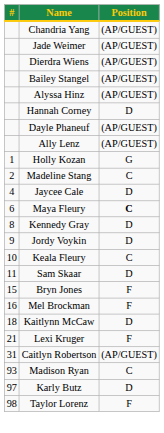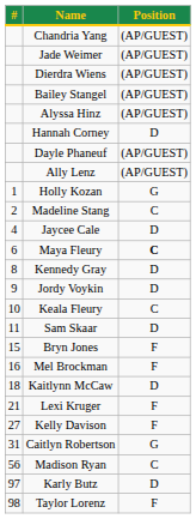 <table class="wikitable">
 <tr style="text-align:center; background:#19874C; border-bottom:#FFCB08 3px solid; color:#FFCB08;">
 <td><strong>#</strong></td>
 <td><strong>Name</strong></td>
 <td><strong>Position</strong></td>
 </tr>
 <tr style="text-align:center">
 <td></td>
 <td>Chandria Yang</td>
 <td>(AP/GUEST)</td>
 </tr>
 <tr style="text-align:center">
 <td></td>
 <td>Jade Weimer</td>
 <td>(AP/GUEST)</td>
 </tr>
 <tr style="text-align:center">
 <td></td>
 <td>Dierdra Wiens</td>
 <td>(AP/GUEST)</td>
 </tr>
 <tr style="text-align:center">
 <td></td>
 <td>Bailey Stangel</td>
 <td>(AP/GUEST)</td>
 </tr>
 <tr style="text-align:center">
 <td></td>
 <td>Alyssa Hinz</td>
 <td>(AP/GUEST)</td>
 </tr>
 <tr style="text-align:center">
 <td></td>
 <td>Hannah Corney</td>
 <td>D</td>
 </tr>
 <tr style="text-align:center">
 <td></td>
 <td>Dayle Phaneuf</td>
 <td>(AP/GUEST)</td>
 </tr>
 <tr style="text-align:center">
 <td></td>
 <td>Ally Lenz</td>
 <td>(AP/GUEST)</td>
 </tr>
 <tr style="text-align:center">
 <td>1</td>
 <td>Holly Kozan</td>
 <td>G</td>
 </tr>
 <tr style="text-align:center">
 <td>2</td>
 <td>Madeline Stang</td>
 <td>C</td>
 </tr>
 <tr style="text-align:center">
 <td>4</td>
 <td>Jaycee Cale</td>
 <td>D</td>
 </tr>
 <tr style="text-align:center">
 <td>6</td>
 <td>Maya Fleury</td>
 <td><strong>C</strong></td>
 </tr>
 <tr style="text-align:center">
 <td>8</td>
 <td>Kennedy Gray</td>
 <td>D</td>
 </tr>
 <tr style="text-align:center">
 <td>9</td>
 <td>Jordy Voykin</td>
 <td>D</td>
 </tr>
 <tr style="text-align:center">
 <td>10</td>
 <td>Keala Fleury</td>
 <td>C</td>
 </tr>
 <tr style="text-align:center">
 <td>11</td>
 <td>Sam Skaar</td>
 <td>D</td>
 </tr>
 <tr style="text-align:center">
 <td>15</td>
 <td>Bryn Jones</td>
 <td>F</td>
 </tr>
 <tr style="text-align:center">
 <td>16</td>
 <td>Mel Brockman</td>
 <td>F</td>
 </tr>
 <tr style="text-align:center">
 <td>18</td>
 <td>Kaitlynn McCaw</td>
 <td>D</td>
 </tr>
 <tr style="text-align:center">
 <td>21</td>
 <td>Lexi Kruger</td>
 <td>F</td>
 </tr>
 <tr style="text-align:center">
+<td>27</td>
+<td>Kelly Davison</td>
+<td>F</td>
+</tr>
+<tr style="text-align:center">
 <td>31</td>
 <td>Caitlyn Robertson</td>
-<td>(AP/GUEST)</td>
+<td>G</td>
 </tr>
 <tr style="text-align:center">
-<td>93</td>
+<td>56</td>
 <td>Madison Ryan</td>
 <td>C</td>
 </tr>
 <tr style="text-align:center">
 <td>97</td>
 <td>Karly Butz</td>
 <td>D</td>
 </tr>
 <tr style="text-align:center">
 <td>98</td>
 <td>Taylor Lorenz</td>
 <td>F</td>
 </tr>
 </table>
